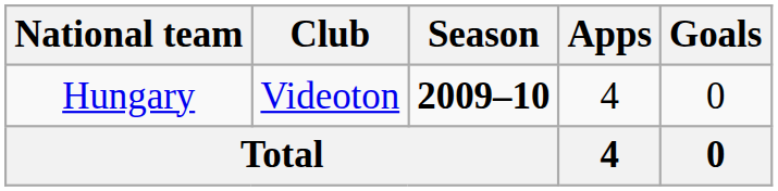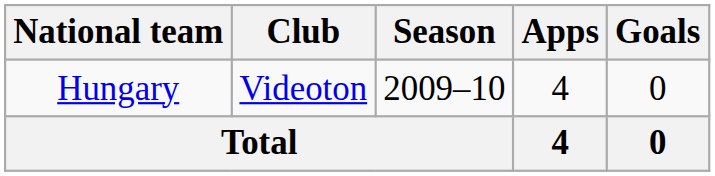 <table class="wikitable" style="text-align: center;">
 <tr>
 <th>National team</th>
 <th>Club</th>
 <th>Season</th>
 <th>Apps</th>
 <th>Goals</th>
 </tr>
 <tr>
 <td><a href='#'>Hungary</a></td>
 <td><a href='#'>Videoton</a></td>
-<td><strong>2009–10</strong></td>
+<td>2009–10</td>
 <td>4</td>
 <td>0</td>
 </tr>
 <tr>
 <th colspan="3">Total</th>
 <th>4</th>
 <th>0</th>
 </tr>
 </table>
